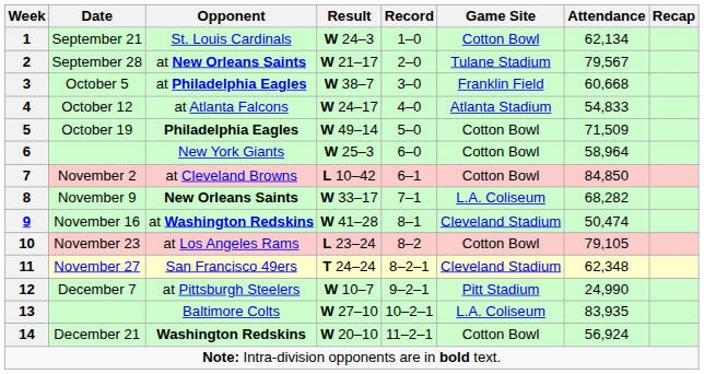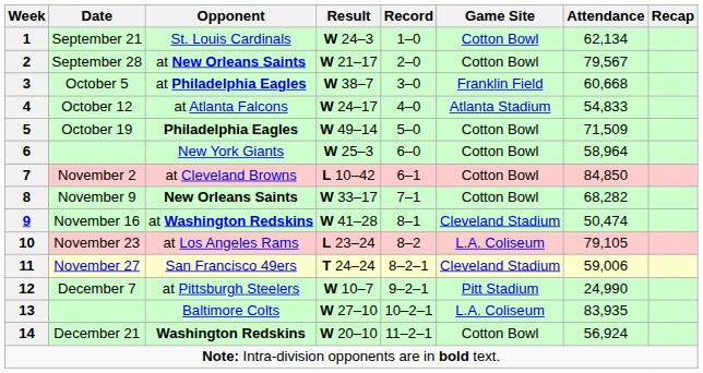 <table class="wikitable" style="text-align:center">
 <tr>
 <th>Week</th>
 <th>Date</th>
 <th>Opponent</th>
 <th>Result</th>
 <th>Record</th>
 <th>Game Site</th>
 <th>Attendance</th>
 <th>Recap</th>
 </tr>
 <tr style="background:#cfc">
 <th>1</th>
 <td>September 21</td>
 <td><a href='#'>St. Louis Cardinals</a></td>
 <td><strong>W</strong> 24–3</td>
 <td>1–0</td>
 <td><a href='#'>Cotton Bowl</a></td>
 <td>62,134</td>
 <td></td>
 </tr>
 <tr style="background:#cfc">
 <th>2</th>
 <td>September 28</td>
 <td>at <strong><a href='#'>New Orleans Saints</a></strong></td>
 <td><strong>W</strong> 21–17</td>
 <td>2–0</td>
-<td><a href='#'>Tulane Stadium</a></td>
+<td>Cotton Bowl</td>
 <td>79,567</td>
 <td></td>
 </tr>
 <tr style="background:#cfc">
 <th>3</th>
 <td>October 5</td>
 <td>at <strong><a href='#'>Philadelphia Eagles</a></strong></td>
 <td><strong>W</strong> 38–7</td>
 <td>3–0</td>
 <td><a href='#'>Franklin Field</a></td>
 <td>60,668</td>
 <td></td>
 </tr>
 <tr style="background:#cfc">
 <th>4</th>
 <td>October 12</td>
 <td>at <a href='#'>Atlanta Falcons</a></td>
 <td><strong>W</strong> 24–17</td>
 <td>4–0</td>
 <td><a href='#'>Atlanta Stadium</a></td>
 <td>54,833</td>
 <td></td>
 </tr>
 <tr style="background:#cfc">
 <th>5</th>
 <td>October 19</td>
 <td><strong>Philadelphia Eagles</strong></td>
 <td><strong>W</strong> 49–14</td>
 <td>5–0</td>
 <td>Cotton Bowl</td>
 <td>71,509</td>
 <td></td>
 </tr>
 <tr style="background:#cfc">
 <th>6</th>
 <td></td>
 <td><a href='#'>New York Giants</a></td>
 <td><strong>W</strong> 25–3</td>
 <td>6–0</td>
 <td>Cotton Bowl</td>
 <td>58,964</td>
 <td></td>
 </tr>
 <tr style="background:#fcc">
 <th>7</th>
 <td>November 2</td>
 <td>at <a href='#'>Cleveland Browns</a></td>
 <td><strong>L</strong> 10–42</td>
 <td>6–1</td>
 <td>Cotton Bowl</td>
 <td>84,850</td>
 <td></td>
 </tr>
 <tr style="background:#cfc">
 <th>8</th>
 <td>November 9</td>
 <td><strong>New Orleans Saints</strong></td>
 <td><strong>W</strong> 33–17</td>
 <td>7–1</td>
-<td><a href='#'>L.A. Coliseum</a></td>
+<td>Cotton Bowl</td>
 <td>68,282</td>
 <td></td>
 </tr>
 <tr style="background:#cfc">
 <th><a href='#'>9</a></th>
 <td>November 16</td>
 <td>at <strong><a href='#'>Washington Redskins</a></strong></td>
 <td><strong>W</strong> 41–28</td>
 <td>8–1</td>
 <td><a href='#'>Cleveland Stadium</a></td>
 <td>50,474</td>
 <td></td>
 </tr>
 <tr style="background:#fcc">
 <th>10</th>
 <td>November 23</td>
 <td>at <a href='#'>Los Angeles Rams</a></td>
 <td><strong>L</strong> 23–24</td>
 <td>8–2</td>
-<td>Cotton Bowl</td>
+<td><a href='#'>L.A. Coliseum</a></td>
 <td>79,105</td>
 <td></td>
 </tr>
 <tr style="background:#ffc">
 <th>11</th>
 <td><a href='#'>November 27</a></td>
 <td><a href='#'>San Francisco 49ers</a></td>
 <td><strong>T</strong> 24–24</td>
 <td>8–2–1</td>
 <td><a href='#'>Cleveland Stadium</a></td>
-<td>62,348</td>
+<td>59,006</td>
 <td></td>
 </tr>
 <tr style="background:#cfc">
 <th>12</th>
 <td>December 7</td>
 <td>at <a href='#'>Pittsburgh Steelers</a></td>
 <td><strong>W</strong> 10–7</td>
 <td>9–2–1</td>
 <td><a href='#'>Pitt Stadium</a></td>
 <td>24,990</td>
 <td></td>
 </tr>
 <tr style="background:#cfc">
 <th>13</th>
 <td></td>
 <td><a href='#'>Baltimore Colts</a></td>
 <td><strong>W</strong> 27–10</td>
 <td>10–2–1</td>
 <td><a href='#'>L.A. Coliseum</a></td>
 <td>83,935</td>
 <td></td>
 </tr>
 <tr style="background:#cfc">
 <th>14</th>
 <td>December 21</td>
 <td><strong>Washington Redskins</strong></td>
 <td><strong>W</strong> 20–10</td>
 <td>11–2–1</td>
 <td>Cotton Bowl</td>
 <td>56,924</td>
 <td></td>
 </tr>
 <tr>
 <td colspan="8"><strong>Note:</strong> Intra-division opponents are in <strong>bold</strong> text.</td>
 </tr>
 </table>
